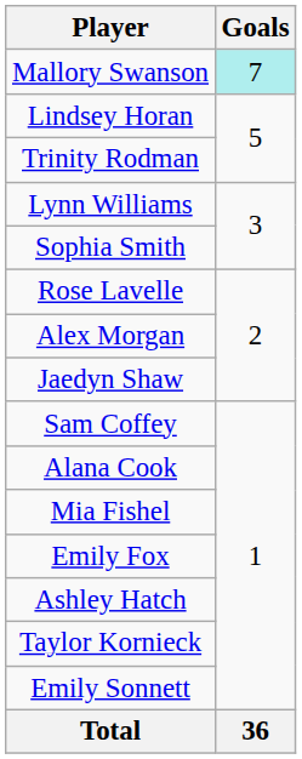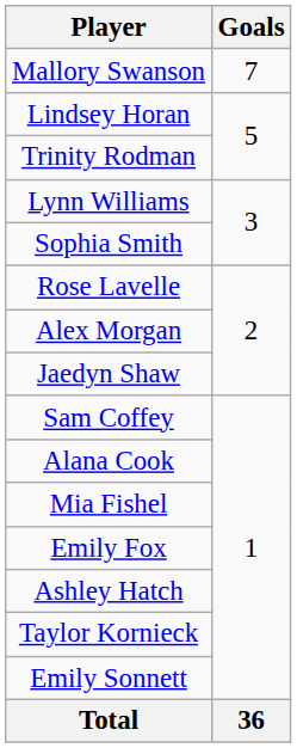 <table class="wikitable sortable" style="text-align: center;">
 <tr>
 <th>Player</th>
 <th>Goals</th>
 </tr>
 <tr>
 <td><a href='#'>Mallory Swanson</a></td>
-<td style="background: paleturquoise;">7</td>
+<td>7</td>
 </tr>
 <tr>
 <td><a href='#'>Lindsey Horan</a></td>
 <td rowspan=2>5</td>
 </tr>
 <tr>
 <td><a href='#'>Trinity Rodman</a></td>
 </tr>
 <tr>
 <td><a href='#'>Lynn Williams</a></td>
 <td rowspan=2>3</td>
 </tr>
 <tr>
 <td><a href='#'>Sophia Smith</a></td>
 </tr>
 <tr>
 <td><a href='#'>Rose Lavelle</a></td>
 <td rowspan=3>2</td>
 </tr>
 <tr>
 <td><a href='#'>Alex Morgan</a></td>
 </tr>
 <tr>
 <td><a href='#'>Jaedyn Shaw</a></td>
 </tr>
 <tr>
 <td><a href='#'>Sam Coffey</a></td>
 <td rowspan=7>1</td>
 </tr>
 <tr>
 <td><a href='#'>Alana Cook</a></td>
 </tr>
 <tr>
 <td><a href='#'>Mia Fishel</a></td>
 </tr>
 <tr>
 <td><a href='#'>Emily Fox</a></td>
 </tr>
 <tr>
 <td><a href='#'>Ashley Hatch</a></td>
 </tr>
 <tr>
 <td><a href='#'>Taylor Kornieck</a></td>
 </tr>
 <tr>
 <td><a href='#'>Emily Sonnett</a></td>
 </tr>
 <tr>
 <th>Total</th>
 <th>36</th>
 </tr>
 </table>
